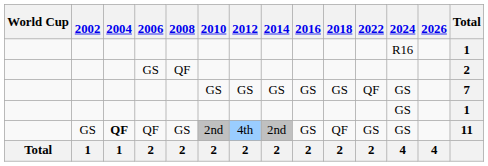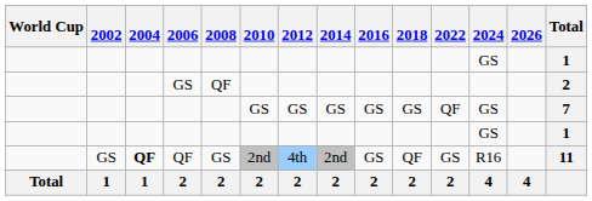 <table class="wikitable" style="text-align:center">
 <tr>
 <th>World Cup</th>
 <th><br><a href='#'>2002</a></th>
 <th><br><a href='#'>2004</a></th>
 <th><br><a href='#'>2006</a></th>
 <th><br><a href='#'>2008</a></th>
 <th><br><a href='#'>2010</a></th>
 <th><br><a href='#'>2012</a></th>
 <th><br><a href='#'>2014</a></th>
 <th><br><a href='#'>2016</a></th>
 <th><br><a href='#'>2018</a></th>
 <th><br><a href='#'>2022</a></th>
 <th><br><a href='#'>2024</a></th>
 <th><br><a href='#'>2026</a></th>
 <th>Total</th>
 </tr>
 <tr>
 <td align=left></td>
 <td></td>
 <td></td>
 <td></td>
 <td></td>
 <td></td>
 <td></td>
 <td></td>
 <td></td>
 <td></td>
 <td></td>
-<td>R16</td>
+<td>GS</td>
 <td></td>
 <th>1</th>
 </tr>
 <tr>
 <td align=left></td>
 <td></td>
 <td></td>
 <td>GS</td>
 <td>QF</td>
 <td></td>
 <td></td>
 <td></td>
 <td></td>
 <td></td>
 <td></td>
 <td></td>
 <td></td>
 <th>2</th>
 </tr>
 <tr>
 <td align=left></td>
 <td></td>
 <td></td>
 <td></td>
 <td></td>
 <td>GS</td>
 <td>GS</td>
 <td>GS</td>
 <td>GS</td>
 <td>GS</td>
 <td>QF</td>
 <td>GS</td>
 <td></td>
 <th>7</th>
 </tr>
 <tr>
 <td align=left></td>
 <td></td>
 <td></td>
 <td></td>
 <td></td>
 <td></td>
 <td></td>
 <td></td>
 <td></td>
 <td></td>
 <td></td>
 <td>GS</td>
 <td></td>
 <th>1</th>
 </tr>
 <tr>
 <td align=left></td>
 <td>GS</td>
 <td><strong>QF</strong></td>
 <td>QF</td>
 <td>GS</td>
 <td bgcolor=silver>2nd</td>
 <td bgcolor=#9acdff>4th</td>
 <td bgcolor=silver>2nd</td>
 <td>GS</td>
 <td>QF</td>
 <td>GS</td>
-<td>GS</td>
+<td>R16</td>
 <td></td>
 <th>11</th>
 </tr>
 <tr>
 <th>Total</th>
 <th>1</th>
 <th>1</th>
 <th>2</th>
 <th>2</th>
 <th>2</th>
 <th>2</th>
 <th>2</th>
 <th>2</th>
 <th>2</th>
 <th>2</th>
 <th>4</th>
 <th>4</th>
 <th></th>
 </tr>
 </table>
